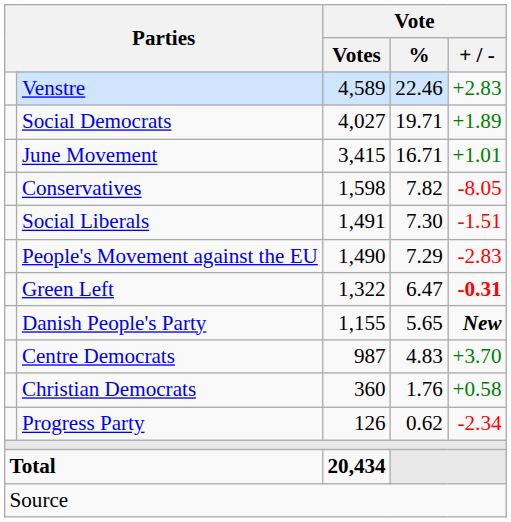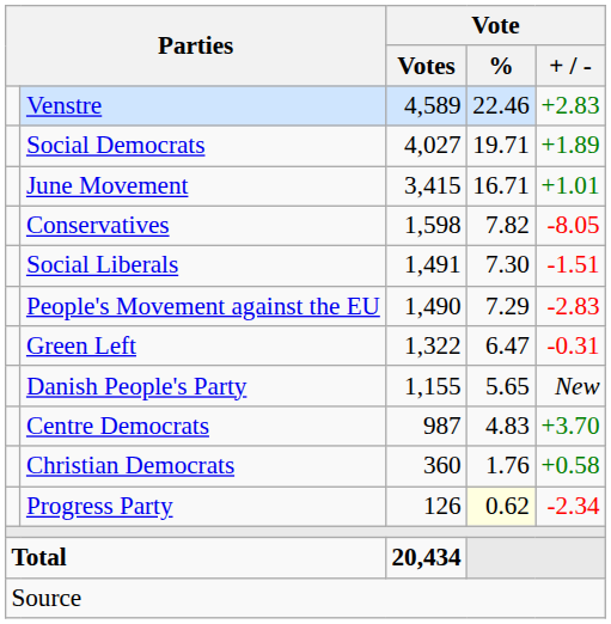 <table class="wikitable" style="text-align:right;">
 <tr>
 <th style="text-align:centre;" rowspan="2" colspan="2" width="225">Parties</th>
 <th colspan="3">Vote</th>
 </tr>
 <tr>
 <th width="15">Votes</th>
 <th width="15">%</th>
 <th width="15">+ / -</th>
 </tr>
 <tr>
 <td width="2" style="color:inherit;background:"></td>
 <td bgcolor=#cfe5fe   align="left"><a href='#'>Venstre</a></td>
 <td bgcolor=#cfe5fe>4,589</td>
 <td bgcolor=#cfe5fe>22.46</td>
 <td style=color:green;>+2.83</td>
 </tr>
 <tr>
 <td width="2" style="color:inherit;background:"></td>
 <td align="left"><a href='#'>Social Democrats</a></td>
 <td>4,027</td>
 <td>19.71</td>
 <td style=color:green;>+1.89</td>
 </tr>
 <tr>
 <td width="2" style="color:inherit;background:"></td>
 <td align="left"><a href='#'>June Movement</a></td>
 <td>3,415</td>
 <td>16.71</td>
 <td style=color:green;>+1.01</td>
 </tr>
 <tr>
 <td width="2" style="color:inherit;background:"></td>
 <td align="left"><a href='#'>Conservatives</a></td>
 <td>1,598</td>
 <td>7.82</td>
 <td style=color:red;>-8.05</td>
 </tr>
 <tr>
 <td width="2" style="color:inherit;background:"></td>
 <td align="left"><a href='#'>Social Liberals</a></td>
 <td>1,491</td>
 <td>7.30</td>
 <td style=color:red;>-1.51</td>
 </tr>
 <tr>
 <td width="2" style="color:inherit;background:"></td>
 <td align="left"><a href='#'>People's Movement against the EU</a></td>
 <td>1,490</td>
 <td>7.29</td>
 <td style=color:red;>-2.83</td>
 </tr>
 <tr>
 <td width="2" style="color:inherit;background:"></td>
 <td align="left"><a href='#'>Green Left</a></td>
 <td>1,322</td>
 <td>6.47</td>
-<td style=color:red;><strong>-0.31</strong></td>
+<td style=color:red;>-0.31</td>
 </tr>
 <tr>
 <td width="2" style="color:inherit;background:"></td>
 <td align="left"><a href='#'>Danish People's Party</a></td>
 <td>1,155</td>
 <td>5.65</td>
-<td><strong><em>New</em></strong></td>
+<td><em>New</em></td>
 </tr>
 <tr>
 <td width="2" style="color:inherit;background:"></td>
 <td align="left"><a href='#'>Centre Democrats</a></td>
 <td>987</td>
 <td>4.83</td>
 <td style=color:green;>+3.70</td>
 </tr>
 <tr>
 <td width="2" style="color:inherit;background:"></td>
 <td align="left"><a href='#'>Christian Democrats</a></td>
 <td>360</td>
 <td>1.76</td>
 <td style=color:green;>+0.58</td>
 </tr>
 <tr>
 <td width="2" style="color:inherit;background:"></td>
 <td align="left"><a href='#'>Progress Party</a></td>
 <td>126</td>
-<td>0.62</td>
+<td style="background: lightyellow;">0.62</td>
 <td style=color:red;>-2.34</td>
 </tr>
 <tr>
 <td colspan="7" bgcolor="#E9E9E9"></td>
 </tr>
 <tr>
 <td align="left" colspan="2"><strong>Total</strong></td>
 <td><strong>20,434</strong></td>
 <td bgcolor="#E9E9E9" colspan="2"></td>
 </tr>
 <tr>
 <td align="left" colspan="6">Source</td>
 </tr>
 </table>
